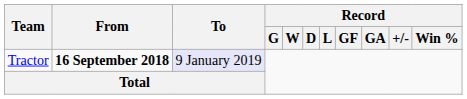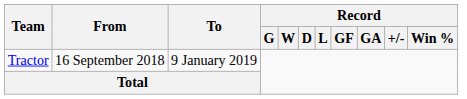 <table class="wikitable" style="text-align: center">
 <tr>
 <th rowspan=2>Team</th>
 <th rowspan=2>From</th>
 <th rowspan=2>To</th>
 <th colspan=8>Record</th>
 </tr>
 <tr>
 <th>G</th>
 <th>W</th>
 <th>D</th>
 <th>L</th>
 <th>GF</th>
 <th>GA</th>
 <th>+/-</th>
 <th>Win %</th>
 </tr>
 <tr>
 <td><a href='#'>Tractor</a></td>
-<td align="left"><strong>16 September 2018</strong></td>
-<td align="left" style="background: lavender;">9 January 2019<br></td>
+<td align="left">16 September 2018</td>
+<td align="left">9 January 2019<br></td>
 </tr>
 <tr>
 <th colspan=3>Total<br></th>
 </tr>
 </table>
